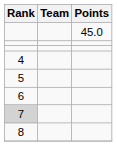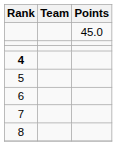 <table class="wikitable" style="text-align:center; font-size:90%;">
 <tr>
 <th>Rank</th>
 <th>Team</th>
 <th width=40px>Points</th>
 </tr>
 <tr>
 <td></td>
 <td align=left><strong></strong></td>
 <td>45.0</td>
 </tr>
 <tr>
 <td></td>
 <td align=left></td>
 <td></td>
 </tr>
 <tr>
 <td></td>
 <td align=left></td>
 <td></td>
 </tr>
 <tr>
-<td>4</td>
+<td><strong>4</strong></td>
 <td align=left></td>
 <td></td>
 </tr>
 <tr>
 <td>5</td>
 <td align=left></td>
 <td></td>
 </tr>
 <tr>
 <td>6</td>
 <td align=left></td>
 <td></td>
 </tr>
 <tr>
-<td style="background: lightgrey;">7</td>
+<td>7</td>
 <td align=left></td>
 <td></td>
 </tr>
 <tr>
 <td>8</td>
 <td align=left></td>
 <td></td>
 </tr>
 <tr>
 </tr>
 </table>
